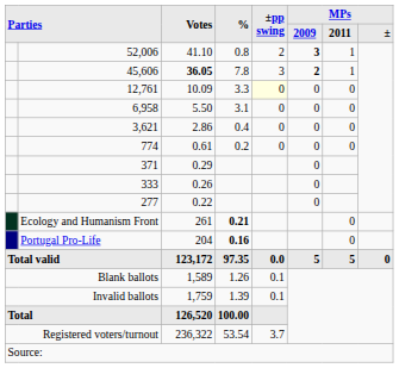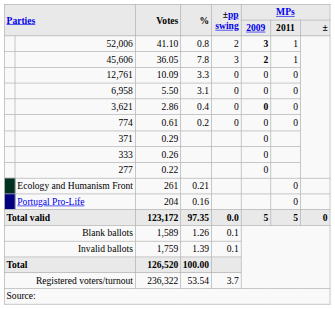 <table class="wikitable" style="text-align:right; font-size:95%;">
 <tr>
 <th rowspan="2" colspan="2" style="background:#e9e9e9; text-align:left;" alignleft><a href='#'>Parties</a></th>
 <th rowspan="2" style="background:#e9e9e9; text-align:right;">Votes</th>
 <th rowspan="2" style="background:#e9e9e9; text-align:right;">%</th>
 <th rowspan="2" style="background:#e9e9e9; text-align:right;">±<a href='#'>pp</a> <a href='#'>swing</a></th>
 <th colspan="3" style="background:#e9e9e9; text-align:center;"><a href='#'>MPs</a></th>
 </tr>
 <tr style="background-color:#E9E9E9">
 <th style="background-color:#E9E9E9;text-align:center;"><a href='#'>2009</a></th>
 <th style="background-color:#E9E9E9;text-align:center;">2011</th>
 <th style="background:#e9e9e9; text-align:right;">±</th>
 </tr>
 <tr>
 <td></td>
 <td>52,006</td>
 <td>41.10</td>
 <td>0.8</td>
 <td>2</td>
 <td><strong>3</strong></td>
 <td>1</td>
 </tr>
 <tr>
 <td></td>
 <td>45,606</td>
-<td><strong>36.05</strong></td>
+<td>36.05</td>
 <td>7.8</td>
 <td>3</td>
 <td><strong>2</strong></td>
 <td>1</td>
 </tr>
 <tr>
 <td></td>
 <td>12,761</td>
 <td>10.09</td>
 <td>3.3</td>
-<td style="background: lightyellow;">0</td>
+<td>0</td>
 <td>0</td>
 <td>0</td>
 </tr>
 <tr>
 <td></td>
 <td>6,958</td>
 <td>5.50</td>
 <td>3.1</td>
 <td>0</td>
 <td>0</td>
 <td>0</td>
 </tr>
 <tr>
 <td></td>
 <td>3,621</td>
 <td>2.86</td>
 <td>0.4</td>
 <td>0</td>
-<td>0</td>
+<td><strong>0</strong></td>
 <td>0</td>
 </tr>
 <tr>
 <td></td>
 <td>774</td>
 <td>0.61</td>
 <td>0.2</td>
 <td>0</td>
 <td>0</td>
 <td>0</td>
 </tr>
 <tr>
 <td></td>
 <td>371</td>
 <td>0.29</td>
 <td></td>
 <td></td>
 <td>0</td>
 <td></td>
 </tr>
 <tr>
 <td></td>
 <td>333</td>
 <td>0.26</td>
 <td></td>
 <td></td>
 <td>0</td>
 <td></td>
 </tr>
 <tr>
 <td></td>
 <td>277</td>
 <td>0.22</td>
 <td></td>
 <td></td>
 <td>0</td>
 <td></td>
 </tr>
 <tr>
 <td style="width:10px;background-color:#013220;text-align:center;"></td>
 <td style="text-align:left;">Ecology and Humanism Front </td>
 <td>261</td>
-<td><strong>0.21</strong></td>
+<td>0.21</td>
 <td></td>
 <td></td>
 <td>0</td>
 <td></td>
 </tr>
 <tr>
 <td style="width:10px;background-color:#000080;text-align:center;"></td>
 <td style="text-align:left;"><a href='#'>Portugal Pro-Life</a></td>
 <td>204</td>
-<td><strong>0.16</strong></td>
+<td>0.16</td>
 <td></td>
 <td></td>
 <td>0</td>
 <td></td>
 </tr>
 <tr>
 <td colspan=2 align=left style="background-color:#E9E9E9"><strong>Total valid</strong></td>
 <td width="65" align="right" style="background-color:#E9E9E9"><strong>123,172</strong></td>
 <td width="40" align="right" style="background-color:#E9E9E9"><strong>97.35</strong></td>
 <td width="40" align="right" style="background-color:#E9E9E9"><strong>0.0</strong></td>
 <td width="40" align="right" style="background-color:#E9E9E9"><strong>5</strong></td>
 <td width="40" align="right" style="background-color:#E9E9E9"><strong>5</strong></td>
 <td width="40" align="right" style="background-color:#E9E9E9"><strong>0</strong></td>
 </tr>
 <tr>
 <td colspan=2>Blank ballots</td>
 <td>1,589</td>
 <td>1.26</td>
 <td>0.1</td>
 <td colspan=4 rowspan=4></td>
 </tr>
 <tr>
 <td colspan=2>Invalid ballots</td>
 <td>1,759</td>
 <td>1.39</td>
 <td>0.1</td>
 </tr>
 <tr>
 <td colspan=2 align=left style="background-color:#E9E9E9"><strong>Total</strong></td>
 <td width="50" align="right" style="background-color:#E9E9E9"><strong>126,520</strong></td>
 <td width="40" align="right" style="background-color:#E9E9E9"><strong>100.00</strong></td>
 <td width="40" align="right" style="background-color:#E9E9E9"></td>
 </tr>
 <tr>
 <td colspan=2>Registered voters/turnout</td>
 <td>236,322</td>
 <td>53.54</td>
 <td>3.7</td>
 </tr>
 <tr>
 <td colspan=11 align=left>Source: </td>
 </tr>
 </table>
